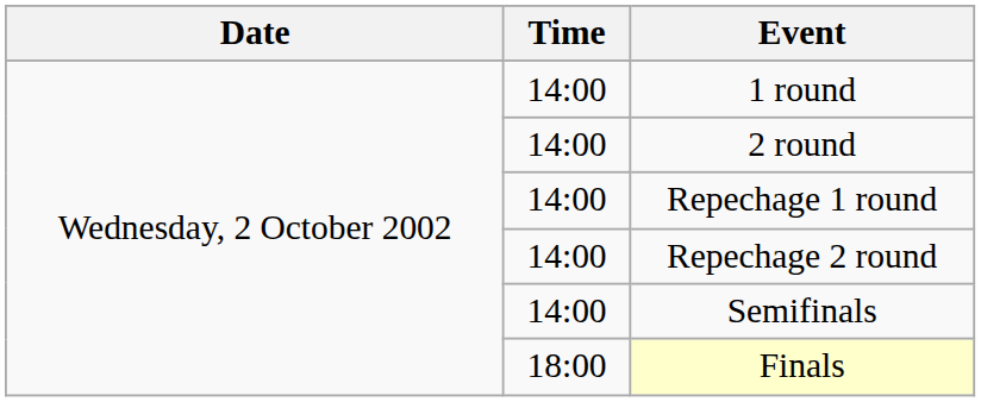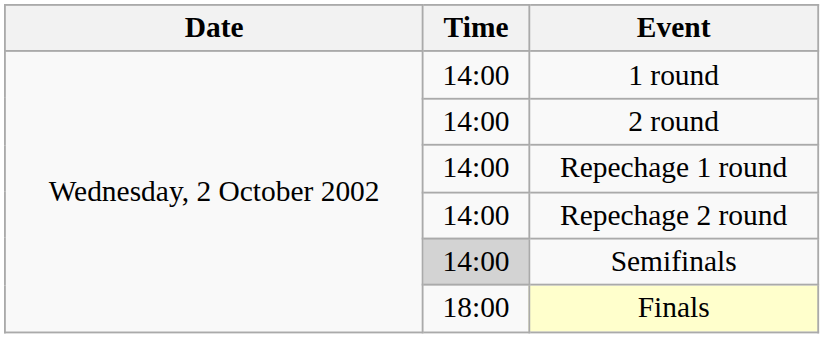 <table class = "wikitable" style="text-align:center;">
 <tr>
 <th width=220>Date</th>
 <th width=50>Time</th>
 <th width=150>Event</th>
 </tr>
 <tr>
 <td rowspan=6>Wednesday, 2 October 2002</td>
 <td>14:00</td>
 <td>1 round</td>
 </tr>
 <tr>
 <td>14:00</td>
 <td>2 round</td>
 </tr>
 <tr>
 <td>14:00</td>
 <td>Repechage 1 round</td>
 </tr>
 <tr>
 <td>14:00</td>
 <td>Repechage 2 round</td>
 </tr>
 <tr>
-<td>14:00</td>
+<td style="background: lightgrey;">14:00</td>
 <td>Semifinals</td>
 </tr>
 <tr>
 <td>18:00</td>
 <td bgcolor=ffffcc>Finals</td>
 </tr>
 </table>
